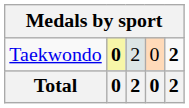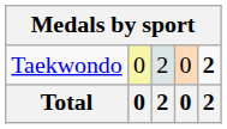 <table class="wikitable" style="font-size:90%; text-align:center;">
 <tr>
 <th colspan="5">Medals by sport</th>
 </tr>
 <tr>
 <td align="left"><a href='#'>Taekwondo</a></td>
-<td style="background:#F7F6A8;"><strong>0</strong></td>
+<td style="background:#F7F6A8;">0</td>
 <td style="background:#DCE5E5;">2</td>
 <td style="background:#FFDAB9;">0</td>
 <td><strong>2</strong></td>
 </tr>
 <tr class="sortbottom">
 <th>Total</th>
 <th>0</th>
 <th>2</th>
 <th>0</th>
 <th>2</th>
 </tr>
 </table>
